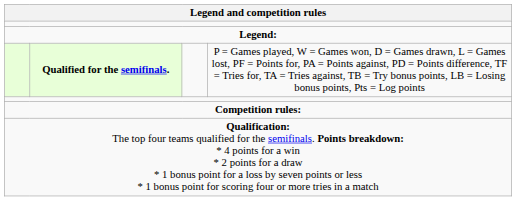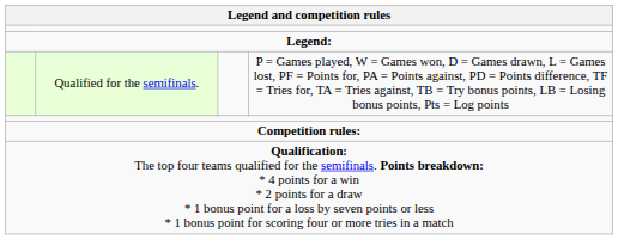 <table class="wikitable collapsible collapsed" style="text-align:center; font-size:100%; width:60%;">
 <tr>
 <th colspan="100%" style="border:0px">Legend and competition rules</th>
 </tr>
 <tr>
 <td colspan="100%"></td>
 </tr>
 <tr>
 <td colspan="100%" style="border:0px"><strong>Legend:</strong></td>
 </tr>
 <tr>
 <td style="width:5%; background:#E8FFD8"></td>
-<td style="width:30%; background:#E8FFD8"><strong>Qualified for the <a href='#'>semifinals</a>.</strong></td>
+<td style="width:30%; background:#E8FFD8">Qualified for the <a href='#'>semifinals</a>.</td>
 <td style="width:5%;"></td>
 <td style="width:60%;">P = Games played, W = Games won, D = Games drawn, L = Games lost, PF = Points for, PA = Points against, PD = Points difference, TF = Tries for, TA = Tries against, TB = Try bonus points, LB = Losing bonus points, Pts = Log points</td>
 </tr>
 <tr>
 <td colspan="100%"></td>
 </tr>
 <tr>
 <td colspan="100%" style="border:0px"><strong>Competition rules:</strong></td>
 </tr>
 <tr>
 <td colspan="100%"><strong>Qualification:</strong><br>The top four teams qualified for the <a href='#'>semifinals</a>. <strong>Points breakdown:</strong><br>* 4 points for a win<br>* 2 points for a draw<br>* 1 bonus point for a loss by seven points or less<br>* 1 bonus point for scoring four or more tries in a match</td>
 </tr>
 </table>
